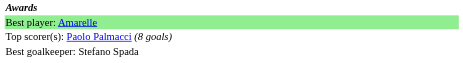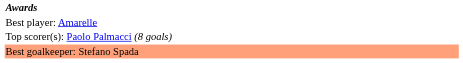 <table width=100% cellspacing=1 style="font-size: 90%;">
 <tr>
 <td><strong><em>Awards</em></strong></td>
 </tr>
 <tr>
-<td style="background: lightgreen;">Best player:  <a href='#'>Amarelle</a></td>
+<td>Best player:  <a href='#'>Amarelle</a></td>
 </tr>
 <tr>
 <td colspan=4>Top scorer(s):  <a href='#'>Paolo Palmacci</a> <em>(8 goals)</em></td>
 </tr>
 <tr>
-<td>Best goalkeeper:  Stefano Spada</td>
+<td style="background: lightsalmon;">Best goalkeeper:  Stefano Spada</td>
 </tr>
 </table>
